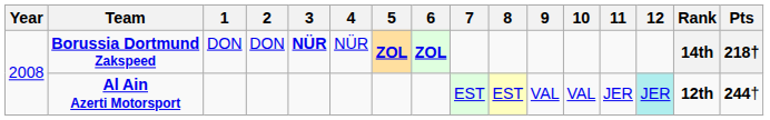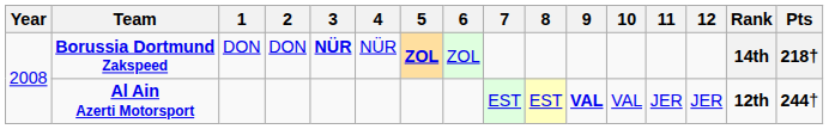 <table class="wikitable" style="font-size: 90%; text-align:center">
 <tr>
 <th>Year</th>
 <th>Team</th>
 <th>1</th>
 <th>2</th>
 <th>3</th>
 <th>4</th>
 <th>5</th>
 <th>6</th>
 <th>7</th>
 <th>8</th>
 <th>9</th>
 <th>10</th>
 <th>11</th>
 <th>12</th>
 <th>Rank</th>
 <th>Pts</th>
 </tr>
 <tr>
 <td rowspan="2"><a href='#'>2008</a></td>
 <td><strong><a href='#'>Borussia Dortmund</a><br><small><a href='#'>Zakspeed</a></small></strong></td>
 <td valign="top"><a href='#'>DON</a></td>
 <td valign="top"><a href='#'>DON</a></td>
 <td valign="top"><strong><a href='#'>NÜR</a></strong></td>
 <td valign="top"><a href='#'>NÜR</a></td>
 <td style="background:#ffdf9f;"><strong><a href='#'>ZOL</a></strong><br></td>
-<td style="background:#dfffdf;"><strong><a href='#'>ZOL</a><br></strong></td>
+<td style="background:#dfffdf;"><a href='#'>ZOL</a><br></td>
 <td></td>
 <td></td>
 <td valign="top"></td>
 <td valign="top"></td>
 <td valign="top"></td>
 <td valign="top"></td>
 <th align=center><strong>14th</strong></th>
 <th align=center><strong>218</strong>†</th>
 </tr>
 <tr>
 <td><strong><a href='#'>Al Ain</a><br><small><a href='#'>Azerti Motorsport</a></small></strong></td>
 <td></td>
 <td></td>
 <td></td>
 <td></td>
 <td align="center"></td>
 <td align="center"></td>
 <td align=center style="background:#dfffdf;"><a href='#'>EST</a><br></td>
 <td align=center style="background:#ffffbf;"><a href='#'>EST</a><br></td>
-<td><a href='#'>VAL</a></td>
+<td><strong><a href='#'>VAL</a></strong></td>
 <td><a href='#'>VAL</a></td>
 <td><a href='#'>JER</a></td>
-<td style="background: paleturquoise;"><a href='#'>JER</a></td>
+<td><a href='#'>JER</a></td>
 <td align="center"><strong>12th</strong></td>
 <td align=center><strong>244</strong>†</td>
 </tr>
 </table>
